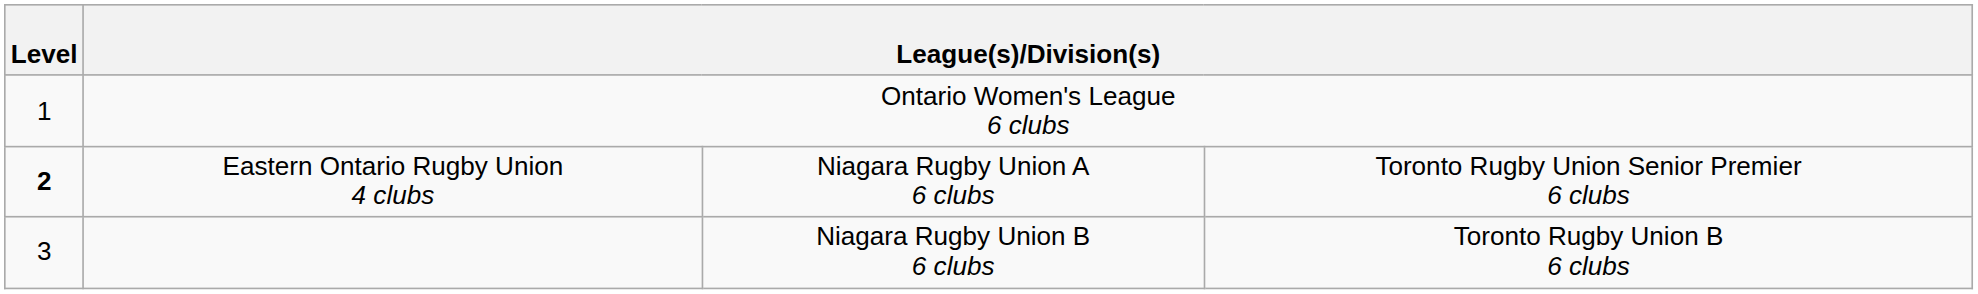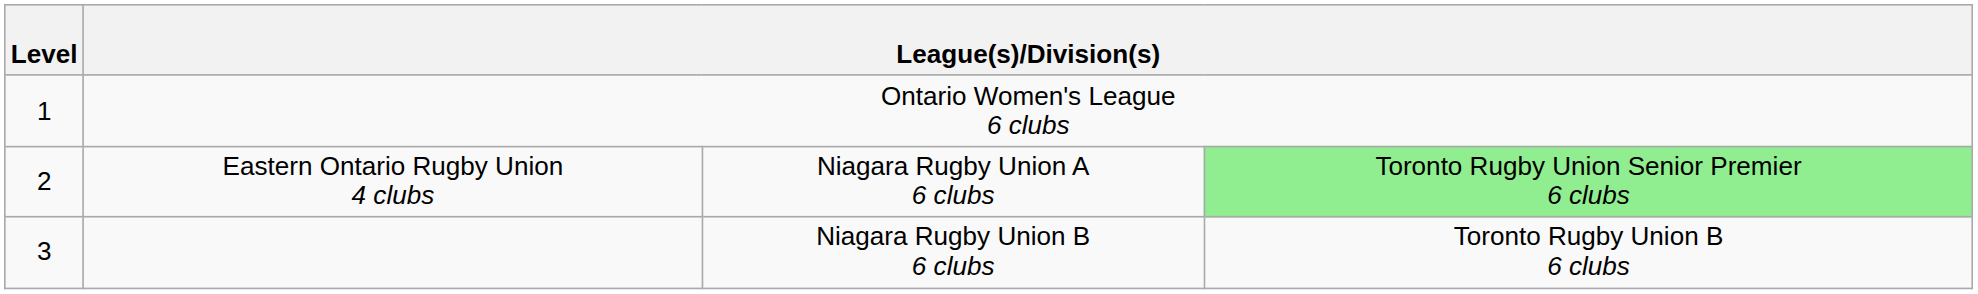 <table class="wikitable" style="text-align: center;">
 <tr>
 <th colspan="1" width="4%"><br>Level</th>
 <th colspan="3" width="96%"><br>League(s)/Division(s)</th>
 </tr>
 <tr>
 <td>1</td>
 <td colspan="3">Ontario Women's League<br><em>6 clubs</em></td>
 </tr>
 <tr>
-<td><strong>2</strong></td>
+<td>2</td>
 <td>Eastern Ontario Rugby Union<br><em>4 clubs</em></td>
 <td>Niagara Rugby Union A<br><em>6 clubs</em></td>
-<td>Toronto Rugby Union Senior Premier<br><em>6 clubs</em></td>
+<td style="background: lightgreen;">Toronto Rugby Union Senior Premier<br><em>6 clubs</em></td>
 </tr>
 <tr>
 <td>3</td>
 <td></td>
 <td>Niagara Rugby Union B<br><em>6 clubs</em></td>
 <td>Toronto Rugby Union B<br><em>6 clubs</em></td>
 </tr>
 </table>
